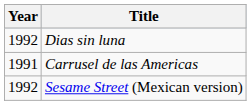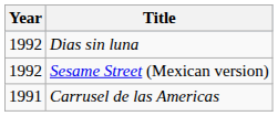 <table class="wikitable">
 <tr style="background:#b0c4de;">
 <th>Year</th>
 <th>Title</th>
 </tr>
 <tr>
 <td>1992</td>
 <td><em>Dias sin luna</em></td>
 </tr>
 <tr>
+<td>1992</td>
+<td><em><a href='#'>Sesame Street</a></em> (Mexican version)</td>
+</tr>
+<tr>
 <td>1991</td>
 <td><em>Carrusel de las Americas</em></td>
 </tr>
-<tr>
-<td>1992</td>
-<td><em><a href='#'>Sesame Street</a></em> (Mexican version)</td>
-</tr>
 </table>
